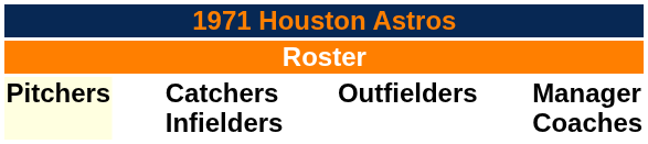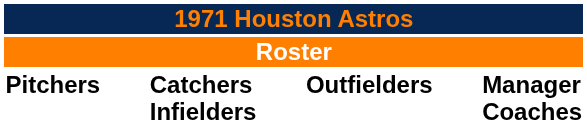 <table class="toccolours" style="text-align: left;">
 <tr>
 <th colspan="10" style="background-color: #072854; color: #FF7F00; text-align: center;">1971 Houston Astros</th>
 </tr>
 <tr>
 <td colspan="10" style="background-color: #FF7F00; color: white; text-align: center;"><strong>Roster</strong></td>
 </tr>
 <tr>
-<td valign="top" style="background: lightyellow;"><strong>Pitchers</strong><br>                </td>
+<td valign="top"><strong>Pitchers</strong><br>                </td>
 <td width="25px"></td>
 <td valign="top"><strong>Catchers</strong><br>   <strong>Infielders</strong>        </td>
 <td width="25px"></td>
 <td valign="top"><strong>Outfielders</strong><br>       </td>
 <td width="25px"></td>
 <td valign="top"><strong>Manager</strong><br> <strong>Coaches</strong>    </td>
 </tr>
 </table>
